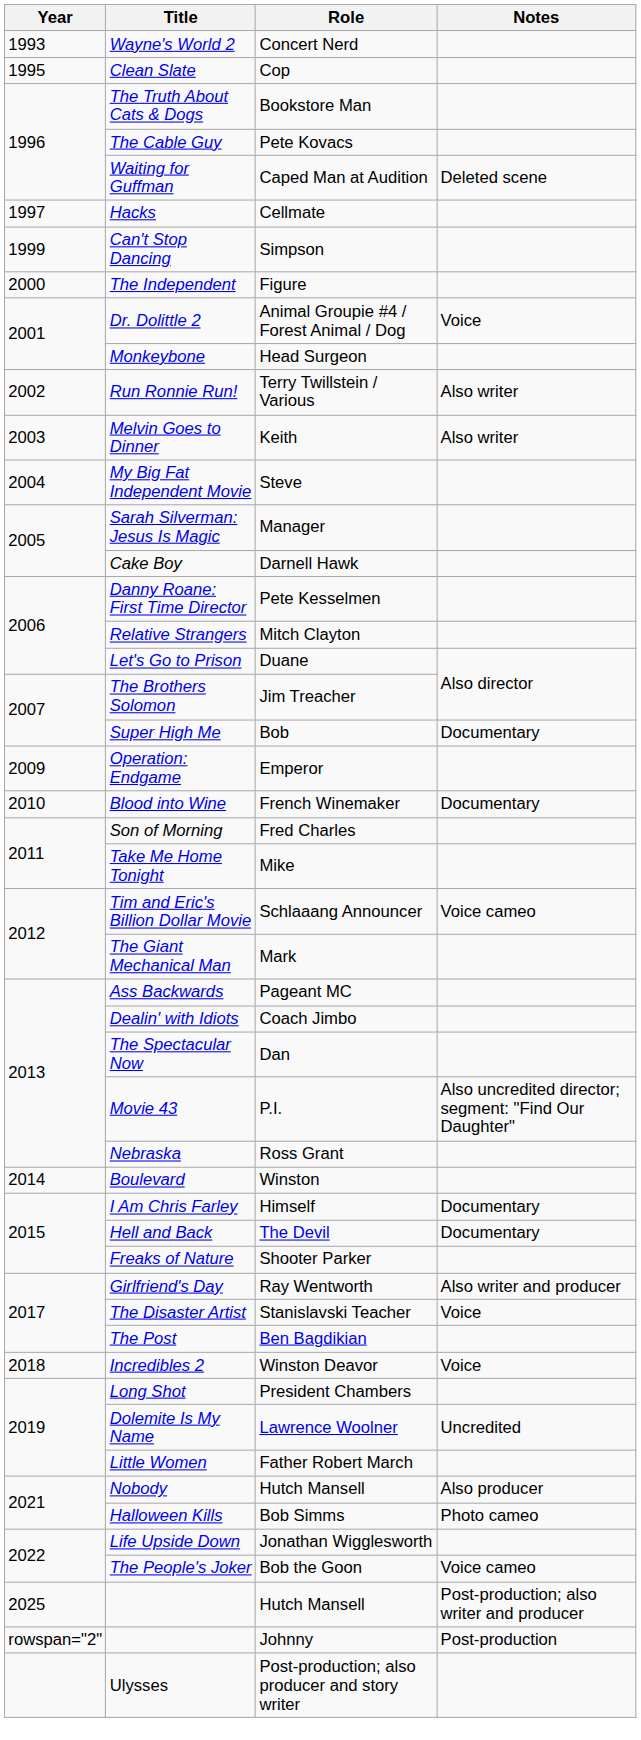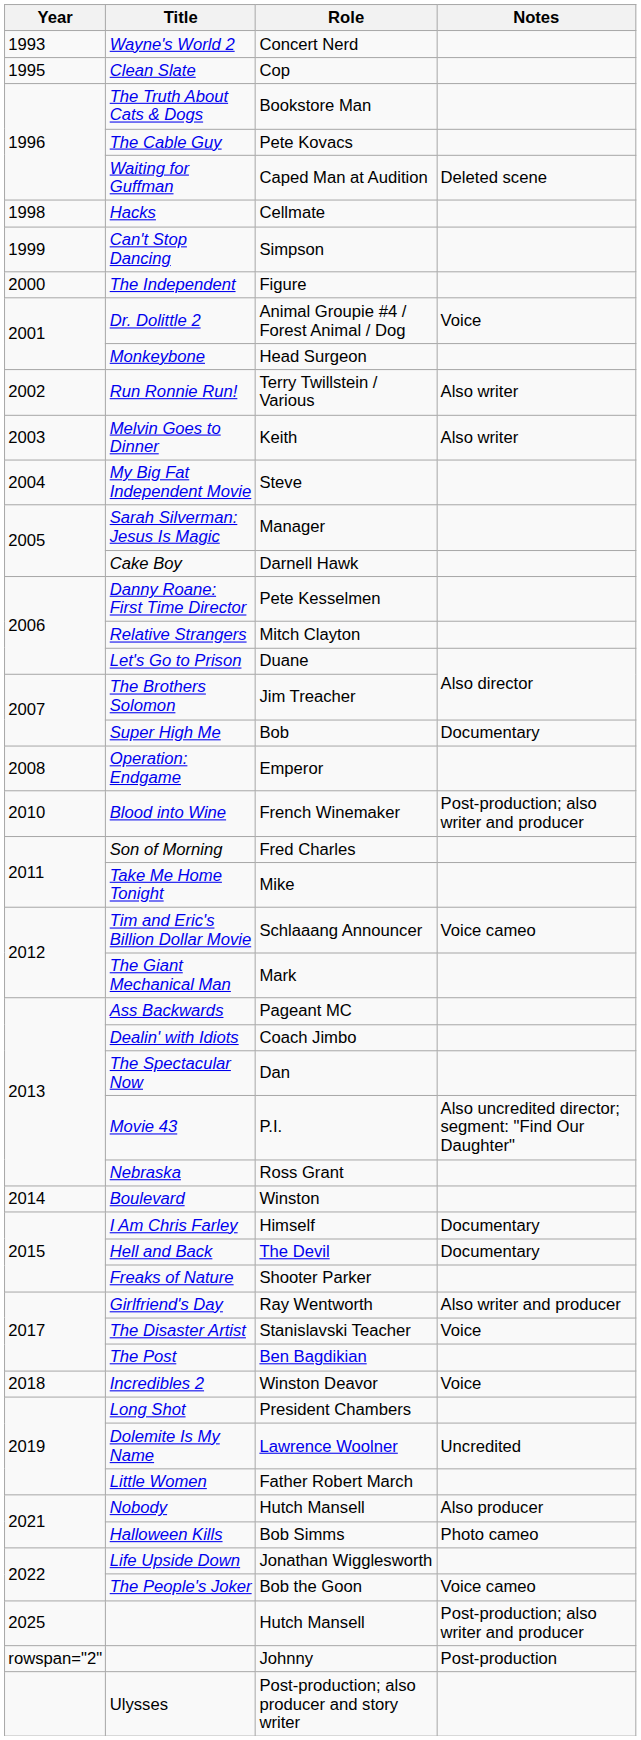 <table class="wikitable sortable">
 <tr>
 <th>Year</th>
 <th>Title</th>
 <th>Role</th>
 <th class="unsortable">Notes</th>
 </tr>
 <tr>
 <td>1993</td>
 <td><em><a href='#'>Wayne's World 2</a></em></td>
 <td>Concert Nerd</td>
 <td></td>
 </tr>
 <tr>
 <td>1995</td>
 <td><em><a href='#'>Clean Slate</a></em></td>
 <td>Cop</td>
 <td></td>
 </tr>
 <tr>
 <td rowspan="3">1996</td>
 <td><em><a href='#'>The Truth About Cats & Dogs</a></em></td>
 <td>Bookstore Man</td>
 <td></td>
 </tr>
 <tr>
 <td><em><a href='#'>The Cable Guy</a></em></td>
 <td>Pete Kovacs</td>
 <td></td>
 </tr>
 <tr>
 <td><em><a href='#'>Waiting for Guffman</a></em></td>
 <td>Caped Man at Audition</td>
 <td>Deleted scene</td>
 </tr>
 <tr>
-<td>1997</td>
+<td>1998</td>
 <td><em><a href='#'>Hacks</a></em></td>
 <td>Cellmate</td>
 <td></td>
 </tr>
 <tr>
 <td>1999</td>
 <td><em><a href='#'>Can't Stop Dancing</a></em></td>
 <td>Simpson</td>
 <td></td>
 </tr>
 <tr>
 <td>2000</td>
 <td><em><a href='#'>The Independent</a></em></td>
 <td>Figure</td>
 <td></td>
 </tr>
 <tr>
 <td rowspan="2">2001</td>
 <td><em><a href='#'>Dr. Dolittle 2</a></em></td>
 <td>Animal Groupie #4 / Forest Animal / Dog</td>
 <td>Voice</td>
 </tr>
 <tr>
 <td><em><a href='#'>Monkeybone</a></em></td>
 <td>Head Surgeon</td>
 <td></td>
 </tr>
 <tr>
 <td>2002</td>
 <td><em><a href='#'>Run Ronnie Run!</a></em></td>
 <td>Terry Twillstein / Various</td>
 <td>Also writer</td>
 </tr>
 <tr>
 <td>2003</td>
 <td><em><a href='#'>Melvin Goes to Dinner</a></em></td>
 <td>Keith</td>
 <td>Also writer</td>
 </tr>
 <tr>
 <td>2004</td>
 <td><em><a href='#'>My Big Fat Independent Movie</a></em></td>
 <td>Steve</td>
 <td></td>
 </tr>
 <tr>
 <td rowspan="2">2005</td>
 <td><em><a href='#'>Sarah Silverman: Jesus Is Magic</a></em></td>
 <td>Manager</td>
 <td></td>
 </tr>
 <tr>
 <td><em>Cake Boy</em></td>
 <td>Darnell Hawk</td>
 <td></td>
 </tr>
 <tr>
 <td rowspan="3">2006</td>
 <td><em><a href='#'>Danny Roane: First Time Director</a></em></td>
 <td>Pete Kesselmen</td>
 <td></td>
 </tr>
 <tr>
 <td><em><a href='#'>Relative Strangers</a></em></td>
 <td>Mitch Clayton</td>
 <td></td>
 </tr>
 <tr>
 <td><em><a href='#'>Let's Go to Prison</a></em></td>
 <td>Duane</td>
 <td rowspan="2">Also director</td>
 </tr>
 <tr>
 <td rowspan="2">2007</td>
 <td><em><a href='#'>The Brothers Solomon</a></em></td>
 <td>Jim Treacher</td>
 </tr>
 <tr>
 <td><em><a href='#'>Super High Me</a></em></td>
 <td>Bob</td>
 <td>Documentary</td>
 </tr>
 <tr>
-<td>2009</td>
+<td>2008</td>
 <td><em><a href='#'>Operation: Endgame</a></em></td>
 <td>Emperor</td>
 <td></td>
 </tr>
 <tr>
 <td>2010</td>
 <td><em><a href='#'>Blood into Wine</a></em></td>
 <td>French Winemaker</td>
-<td>Documentary</td>
+<td>Post-production; also writer and producer</td>
 </tr>
 <tr>
 <td rowspan="2">2011</td>
 <td><em>Son of Morning</em></td>
 <td>Fred Charles</td>
 <td></td>
 </tr>
 <tr>
 <td><em><a href='#'>Take Me Home Tonight</a></em></td>
 <td>Mike</td>
 <td></td>
 </tr>
 <tr>
 <td rowspan="2">2012</td>
 <td><em><a href='#'>Tim and Eric's Billion Dollar Movie</a></em></td>
 <td>Schlaaang Announcer</td>
 <td>Voice cameo</td>
 </tr>
 <tr>
 <td><em><a href='#'>The Giant Mechanical Man</a></em></td>
 <td>Mark</td>
 <td></td>
 </tr>
 <tr>
 <td rowspan="5">2013</td>
 <td><em><a href='#'>Ass Backwards</a></em></td>
 <td>Pageant MC</td>
 <td></td>
 </tr>
 <tr>
 <td><em><a href='#'>Dealin' with Idiots</a></em></td>
 <td>Coach Jimbo</td>
 <td></td>
 </tr>
 <tr>
 <td><em><a href='#'>The Spectacular Now</a></em></td>
 <td>Dan</td>
 <td></td>
 </tr>
 <tr>
 <td><em><a href='#'>Movie 43</a></em></td>
 <td>P.I.</td>
 <td>Also uncredited director; segment: "Find Our Daughter"</td>
 </tr>
 <tr>
 <td><em><a href='#'>Nebraska</a></em></td>
 <td>Ross Grant</td>
 <td></td>
 </tr>
 <tr>
 <td>2014</td>
 <td><em><a href='#'>Boulevard</a></em></td>
 <td>Winston</td>
 <td></td>
 </tr>
 <tr>
 <td rowspan="3">2015</td>
 <td><em><a href='#'>I Am Chris Farley</a></em></td>
 <td>Himself</td>
 <td>Documentary</td>
 </tr>
 <tr>
 <td><em><a href='#'>Hell and Back</a></em></td>
 <td><a href='#'>The Devil</a></td>
 <td>Documentary</td>
 </tr>
 <tr>
 <td><em><a href='#'>Freaks of Nature</a></em></td>
 <td>Shooter Parker</td>
 <td></td>
 </tr>
 <tr>
 <td rowspan="3">2017</td>
 <td><em><a href='#'>Girlfriend's Day</a></em></td>
 <td>Ray Wentworth</td>
 <td>Also writer and producer</td>
 </tr>
 <tr>
 <td><em><a href='#'>The Disaster Artist</a></em></td>
 <td>Stanislavski Teacher</td>
 <td>Voice</td>
 </tr>
 <tr>
 <td><em><a href='#'>The Post</a></em></td>
 <td><a href='#'>Ben Bagdikian</a></td>
 <td></td>
 </tr>
 <tr>
 <td>2018</td>
 <td><em><a href='#'>Incredibles 2</a></em></td>
 <td>Winston Deavor</td>
 <td>Voice</td>
 </tr>
 <tr>
 <td rowspan="3">2019</td>
 <td><em><a href='#'>Long Shot</a></em></td>
 <td>President Chambers</td>
 <td></td>
 </tr>
 <tr>
 <td><em><a href='#'>Dolemite Is My Name</a></em></td>
 <td><a href='#'>Lawrence Woolner</a></td>
 <td>Uncredited</td>
 </tr>
 <tr>
 <td><em><a href='#'>Little Women</a></em></td>
 <td>Father Robert March</td>
 <td></td>
 </tr>
 <tr>
 <td rowspan="2">2021</td>
 <td><em><a href='#'>Nobody</a></em></td>
 <td>Hutch Mansell</td>
 <td>Also producer</td>
 </tr>
 <tr>
 <td><em><a href='#'>Halloween Kills</a></em></td>
 <td>Bob Simms</td>
 <td>Photo cameo</td>
 </tr>
 <tr>
 <td rowspan="2">2022</td>
 <td><em><a href='#'>Life Upside Down</a></em></td>
 <td>Jonathan Wigglesworth </td>
 <td></td>
 </tr>
 <tr>
 <td><em><a href='#'>The People's Joker</a></em></td>
 <td>Bob the Goon</td>
 <td>Voice cameo</td>
 </tr>
 <tr>
 <td>2025</td>
 <td></td>
 <td>Hutch Mansell</td>
 <td>Post-production; also writer and producer</td>
 </tr>
 <tr>
 <td>rowspan="2" </td>
 <td></td>
 <td>Johnny</td>
 <td>Post-production</td>
 </tr>
 <tr>
 <td></td>
 <td>Ulysses</td>
 <td>Post-production; also producer and story writer</td>
 </tr>
 </table>
